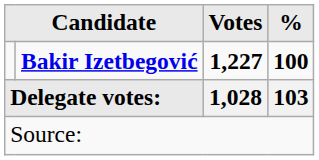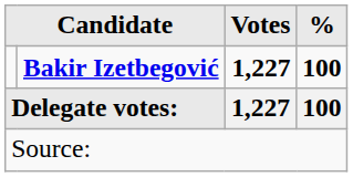 <table class="wikitable">
 <tr>
 <th style="background:#e9e9e9; text-align:center;" colspan="2">Candidate</th>
 <th style="background:#e9e9e9; text-align:center;">Votes</th>
 <th style="background:#e9e9e9; text-align:center;">%</th>
 </tr>
 <tr>
 <td style="background:"></td>
 <td style="text-align:left;"><strong><a href='#'>Bakir Izetbegović</a></strong></td>
 <td style="text-align:right;"><strong>1,227</strong></td>
 <td style="text-align:right;"><strong>100</strong></td>
 </tr>
 <tr style="background:#e9e9e9;">
 <td style="text-align:left;" colspan="2"><strong>Delegate votes:</strong></td>
-<th align= right>1,028</th>
-<th align= right>103</th>
+<th align= right>1,227</th>
+<th align= right>100</th>
 </tr>
 <tr>
 <td style="text-align:left;" colspan="7">Source: </td>
 </tr>
 </table>
